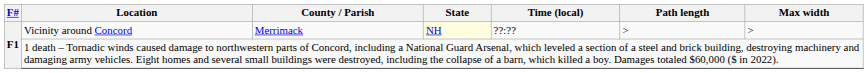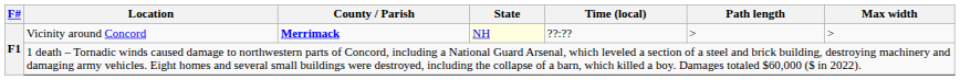 <table class="wikitable sortable" style="width:100%;">
 <tr>
 <th scope="col" align="center"><a href='#'>F#</a><br></th>
 <th scope="col" align="center" class="unsortable">Location</th>
 <th scope="col" align="center" class="unsortable">County / Parish</th>
 <th scope="col" align="center">State</th>
 <th scope="col" align="center">Time (local)</th>
 <th scope="col" align="center">Path length</th>
 <th scope="col" align="center">Max width</th>
 </tr>
 <tr>
 <th scope="row" rowspan="2" style="background-color:#">F1</th>
 <td>Vicinity around <a href='#'>Concord</a></td>
-<td><a href='#'>Merrimack</a></td>
+<td><strong><a href='#'>Merrimack</a></strong></td>
 <td style="background: lightyellow;"><a href='#'>NH</a></td>
 <td>??:??</td>
 <td>></td>
 <td>></td>
 </tr>
 <tr class="expand-child">
 <td colspan="6" style="border-bottom: 1px solid black;">1 death – Tornadic winds caused damage to northwestern parts of Concord, including a National Guard Arsenal, which leveled a  section of a steel and brick building, destroying machinery and damaging army vehicles. Eight homes and several small buildings were destroyed, including the collapse of a barn, which killed a boy. Damages totaled $60,000 ($ in 2022). </td>
 </tr>
 </table>
